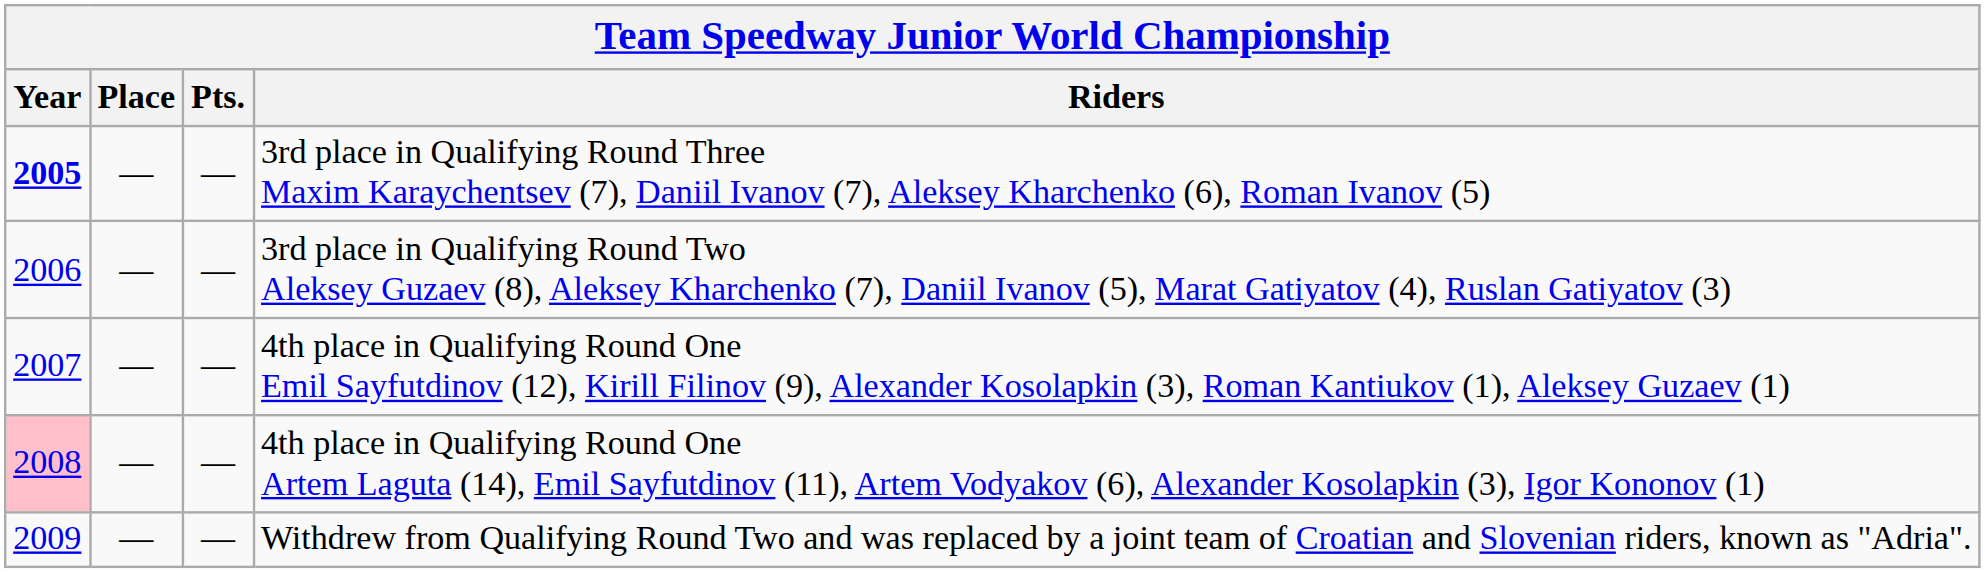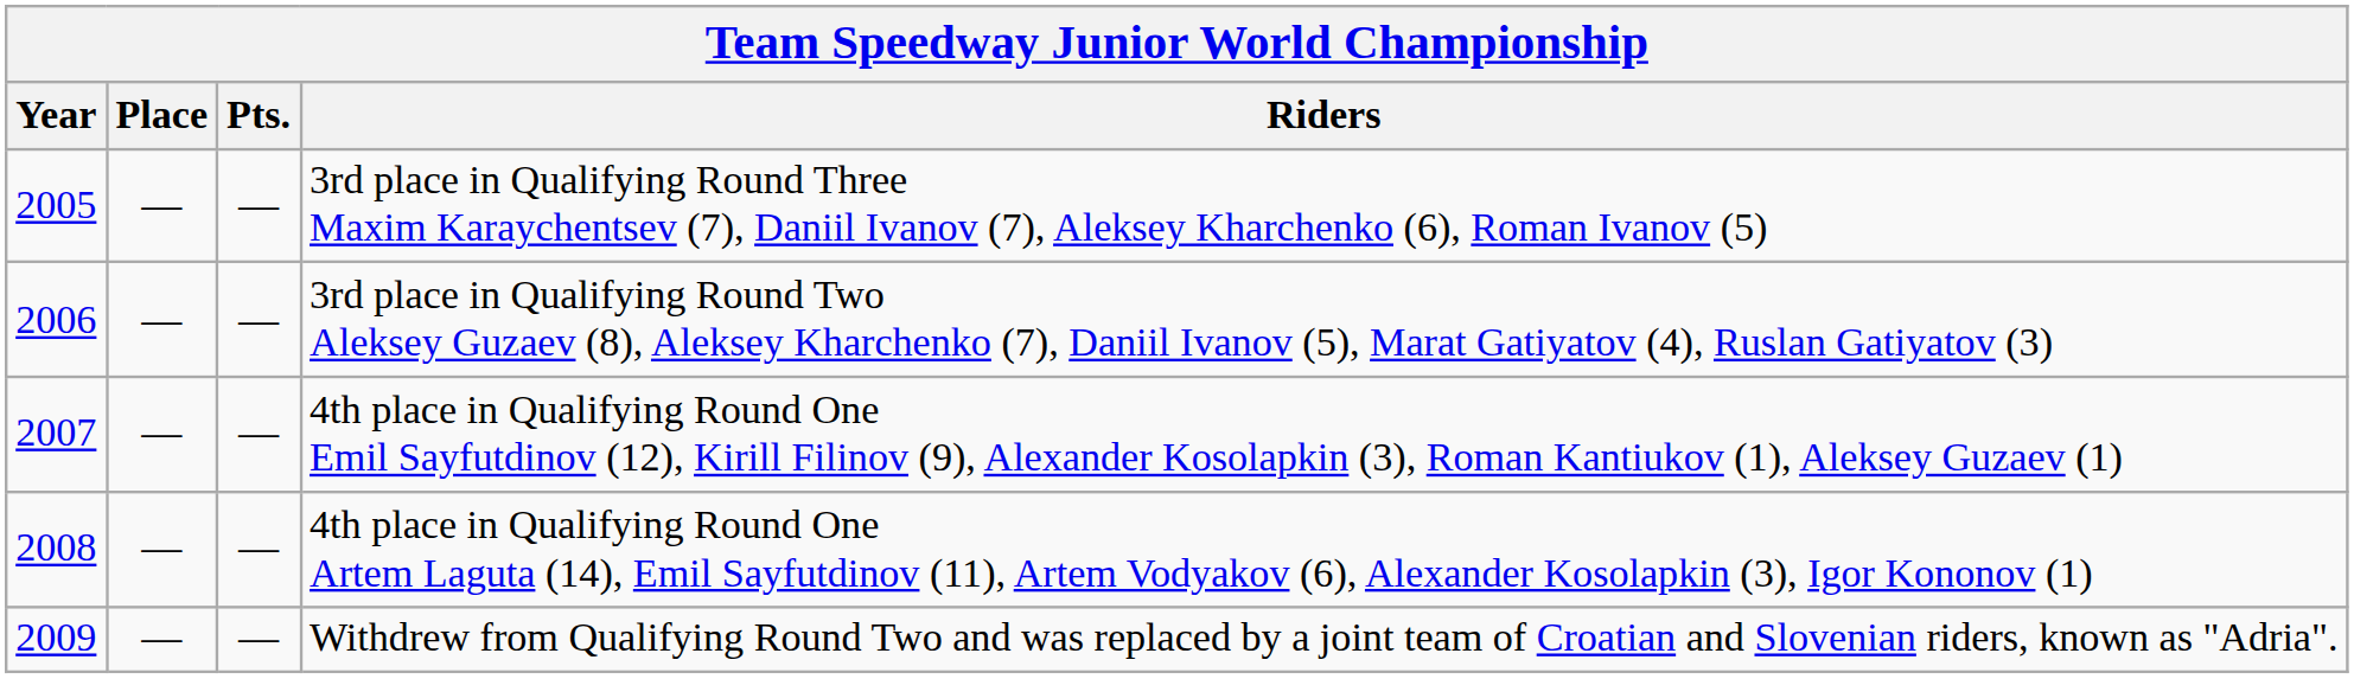 <table class=wikitable style="font-size: 90%;">
 <tr>
 <th colspan=4><big><a href='#'>Team Speedway Junior World Championship</a></big></th>
 </tr>
 <tr>
 <th>Year</th>
 <th>Place</th>
 <th>Pts.</th>
 <th>Riders</th>
 </tr>
 <tr align=center>
-<td><strong><a href='#'>2005</a></strong></td>
+<td><a href='#'>2005</a></td>
 <td>—</td>
 <td>—</td>
 <td align=left>3rd place in Qualifying Round Three <br> <a href='#'>Maxim Karaychentsev</a> (7), <a href='#'>Daniil Ivanov</a> (7), <a href='#'>Aleksey Kharchenko</a> (6), <a href='#'>Roman Ivanov</a> (5)</td>
 </tr>
 <tr align=center>
 <td><a href='#'>2006</a></td>
 <td>—</td>
 <td>—</td>
 <td align=left>3rd place in Qualifying Round Two <br> <a href='#'>Aleksey Guzaev</a> (8), <a href='#'>Aleksey Kharchenko</a> (7), <a href='#'>Daniil Ivanov</a> (5), <a href='#'>Marat Gatiyatov</a> (4), <a href='#'>Ruslan Gatiyatov</a> (3)</td>
 </tr>
 <tr align=center>
 <td><a href='#'>2007</a></td>
 <td>—</td>
 <td>—</td>
 <td align=left>4th place in Qualifying Round One <br> <a href='#'>Emil Sayfutdinov</a> (12), <a href='#'>Kirill Filinov</a> (9), <a href='#'>Alexander Kosolapkin</a> (3), <a href='#'>Roman Kantiukov</a> (1), <a href='#'>Aleksey Guzaev</a> (1)</td>
 </tr>
 <tr align=center>
-<td style="background: pink;"><a href='#'>2008</a></td>
+<td><a href='#'>2008</a></td>
 <td>—</td>
 <td>—</td>
 <td align=left>4th place in Qualifying Round One <br> <a href='#'>Artem Laguta</a> (14), <a href='#'>Emil Sayfutdinov</a> (11), <a href='#'>Artem Vodyakov</a> (6), <a href='#'>Alexander Kosolapkin</a> (3), <a href='#'>Igor Kononov</a> (1)</td>
 </tr>
 <tr align=center>
 <td><a href='#'>2009</a></td>
 <td>—</td>
 <td>—</td>
 <td align=left>Withdrew from Qualifying Round Two and was replaced by a joint team of <a href='#'>Croatian</a> and <a href='#'>Slovenian</a> riders, known as "Adria".</td>
 </tr>
 </table>
